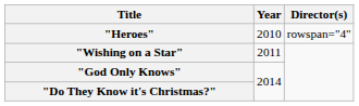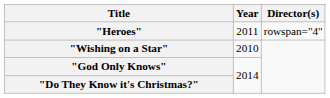 <table class="wikitable plainrowheaders" style="text-align:center;">
 <tr>
 <th scope="col" style="width:20em;">Title</th>
 <th scope="col">Year</th>
 <th scope="col">Director(s)</th>
 </tr>
 <tr>
 <th scope="row">"Heroes" <br></th>
-<td>2010</td>
+<td>2011</td>
 <td>rowspan="4" </td>
 </tr>
 <tr>
 <th scope="row">"Wishing on a Star" <br></th>
-<td>2011</td>
+<td>2010</td>
 </tr>
 <tr>
 <th scope="row">"God Only Knows" <br></th>
 <td rowspan="2">2014</td>
 </tr>
 <tr>
 <th scope="row">"Do They Know it's Christmas?" <br></th>
 </tr>
 </table>
